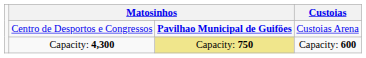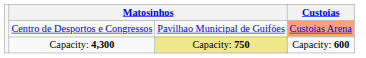 <table class="wikitable" style="text-align:center">
 <tr>
 <td rowspan=8></td>
 <th colspan=2><a href='#'>Matosinhos</a></th>
 <th><a href='#'>Custoias</a></th>
 </tr>
 <tr>
 <td><a href='#'>Centro de Desportos e Congressos</a></td>
-<td><strong><a href='#'>Pavilhao Municipal de Guiföes</a></strong></td>
-<td><a href='#'>Custoias Arena</a></td>
+<td><a href='#'>Pavilhao Municipal de Guiföes</a></td>
+<td style="background: lightsalmon;"><a href='#'>Custoias Arena</a></td>
 </tr>
 <tr>
 <td>Capacity: <strong>4,300</strong></td>
 <td style="background: khaki;">Capacity: <strong>750</strong></td>
 <td>Capacity: <strong>600</strong></td>
 </tr>
 </table>
